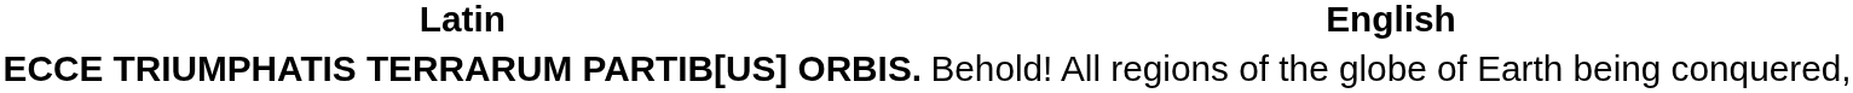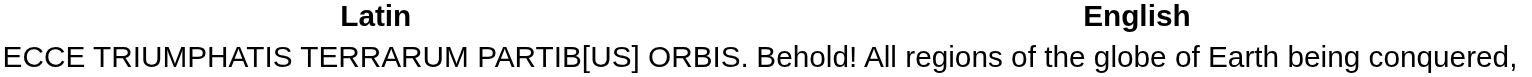 <table>
 <tr>
 <th>Latin</th>
 <th>English</th>
 </tr>
 <tr>
-<td lang="la"><strong>ECCE TRIUMPHATIS TERRARUM PARTIB[US] ORBIS.<br></strong></td>
+<td lang="la">ECCE TRIUMPHATIS TERRARUM PARTIB[US] ORBIS.<br></td>
 <td>Behold! All regions of the globe of Earth being conquered,<br></td>
 </tr>
 </table>
